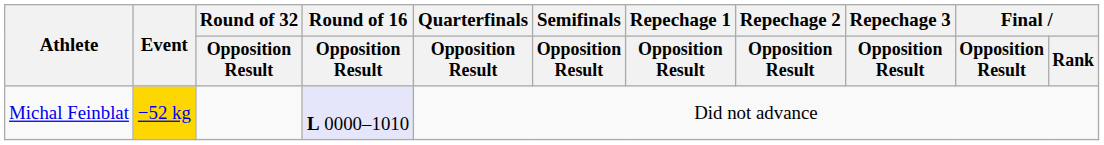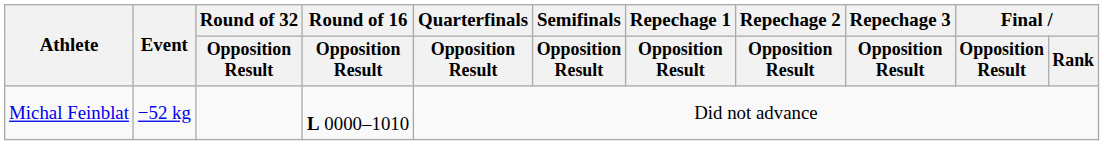 <table class="wikitable" style="font-size:90%">
 <tr>
 <th rowspan="2">Athlete</th>
 <th rowspan="2">Event</th>
 <th>Round of 32</th>
 <th>Round of 16</th>
 <th>Quarterfinals</th>
 <th>Semifinals</th>
 <th>Repechage 1</th>
 <th>Repechage 2</th>
 <th>Repechage 3</th>
 <th colspan=2>Final / </th>
 </tr>
 <tr style="font-size:95%">
 <th>Opposition<br>Result</th>
 <th>Opposition<br>Result</th>
 <th>Opposition<br>Result</th>
 <th>Opposition<br>Result</th>
 <th>Opposition<br>Result</th>
 <th>Opposition<br>Result</th>
 <th>Opposition<br>Result</th>
 <th>Opposition<br>Result</th>
 <th>Rank</th>
 </tr>
 <tr align=center>
 <td align=left><a href='#'>Michal Feinblat</a></td>
-<td align=left style="background: gold;"><a href='#'>−52 kg</a></td>
+<td align=left><a href='#'>−52 kg</a></td>
 <td></td>
-<td style="background: lavender;"><br><strong>L</strong> 0000–1010</td>
+<td><br><strong>L</strong> 0000–1010</td>
 <td colspan=7>Did not advance</td>
 </tr>
 </table>
